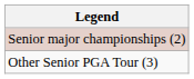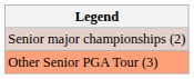 <table class="wikitable" style="font-size:95%;">
 <tr>
 <th>Legend</th>
 </tr>
 <tr style="background:#e5d1cb;">
 <td>Senior major championships (2)</td>
 </tr>
 <tr>
-<td>Other Senior PGA Tour (3)</td>
+<td style="background: lightsalmon;">Other Senior PGA Tour (3)</td>
 </tr>
 </table>
